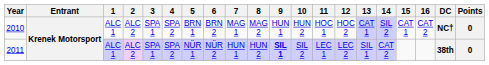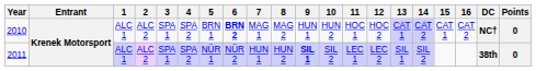 <table class="wikitable" style="text-align:center; font-size:85%">
 <tr>
 <th>Year</th>
 <th>Entrant</th>
 <th>1</th>
 <th>2</th>
 <th>3</th>
 <th>4</th>
 <th>5</th>
 <th>6</th>
 <th>7</th>
 <th>8</th>
 <th>9</th>
 <th>10</th>
 <th>11</th>
 <th>12</th>
 <th>13</th>
 <th>14</th>
 <th>15</th>
 <th>16</th>
 <th>DC</th>
 <th>Points</th>
 </tr>
 <tr>
 <td><a href='#'>2010</a></td>
 <th rowspan="2">Krenek Motorsport</th>
 <td style="background:#;"><a href='#'>ALC<br>1</a><br></td>
 <td style="background:#;"><a href='#'>ALC<br>2</a><br></td>
 <td style="background:#;"><a href='#'>SPA<br>1</a><br></td>
 <td style="background:#;"><a href='#'>SPA<br>2</a><br></td>
 <td style="background:#;"><a href='#'>BRN<br>1</a><br></td>
-<td style="background:#;"><a href='#'>BRN<br>2</a><br></td>
+<td style="background:#;"><strong><a href='#'>BRN<br>2</a><br></strong></td>
 <td style="background:#;"><a href='#'>MAG<br>1</a><br></td>
 <td style="background:#;"><a href='#'>MAG<br>2</a><br></td>
 <td style="background:#;"><a href='#'>HUN<br>1</a><br></td>
 <td style="background:#;"><a href='#'>HUN<br>2</a><br></td>
 <td style="background:#;"><a href='#'>HOC<br>1</a><br></td>
 <td style="background:#;"><a href='#'>HOC<br>2</a><br></td>
 <td style="background:#cfcfff;"><a href='#'>CAT<br>1</a><br></td>
-<td style="background:#cfcfff;"><a href='#'>SIL<br>2</a><br></td>
+<td style="background:#cfcfff;"><a href='#'>CAT<br>2</a><br></td>
 <td style="background:#;"><a href='#'>CAT<br>1</a><br></td>
 <td style="background:#;"><a href='#'>CAT<br>2</a><br></td>
 <th>NC†</th>
 <th>0</th>
 </tr>
 <tr>
 <td><a href='#'>2011</a></td>
 <td style="background:#cfcfff;"><a href='#'>ALC<br>1</a><br></td>
 <td style="background:#efcfff;"><a href='#'>ALC<br>2</a><br></td>
 <td style="background:#cfcfff;"><a href='#'>SPA<br>1</a><br></td>
 <td style="background:#cfcfff;"><a href='#'>SPA<br>2</a><br></td>
 <td style="background:#cfcfff;"><a href='#'>NÜR<br>1</a><br></td>
 <td style="background:#cfcfff;"><a href='#'>NÜR<br>2</a><br></td>
 <td style="background:#cfcfff;"><a href='#'>HUN<br>1</a><br></td>
 <td style="background:#cfcfff;"><a href='#'>HUN<br>2</a><br></td>
 <td style="background:#cfcfff;"><strong><a href='#'>SIL<br>1</a><br></strong></td>
 <td style="background:#cfcfff;"><a href='#'>SIL<br>2</a><br></td>
 <td style="background:#cfcfff;"><a href='#'>LEC<br>1</a><br></td>
 <td style="background:#cfcfff;"><a href='#'>LEC<br>2</a><br></td>
 <td style="background:#cfcfff;"><a href='#'>SIL<br>1</a><br></td>
-<td style="background:#cfcfff;"><a href='#'>CAT<br>2</a><br></td>
+<td style="background:#cfcfff;"><a href='#'>SIL<br>2</a><br></td>
 <td></td>
 <td></td>
 <th>38th</th>
 <th>0</th>
 </tr>
 </table>
